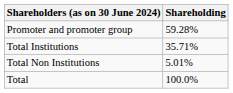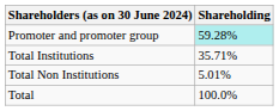 <table class="wikitable">
 <tr>
 <th>Shareholders (as on 30 June 2024)</th>
 <th>Shareholding</th>
 </tr>
 <tr>
 <td>Promoter and promoter group</td>
-<td>59.28%</td>
+<td style="background: paleturquoise;">59.28%</td>
 </tr>
 <tr>
 <td>Total Institutions</td>
 <td>35.71%</td>
 </tr>
 <tr>
 <td>Total Non Institutions</td>
 <td>5.01%</td>
 </tr>
 <tr>
 <td>Total</td>
 <td>100.0%</td>
 </tr>
 </table>
